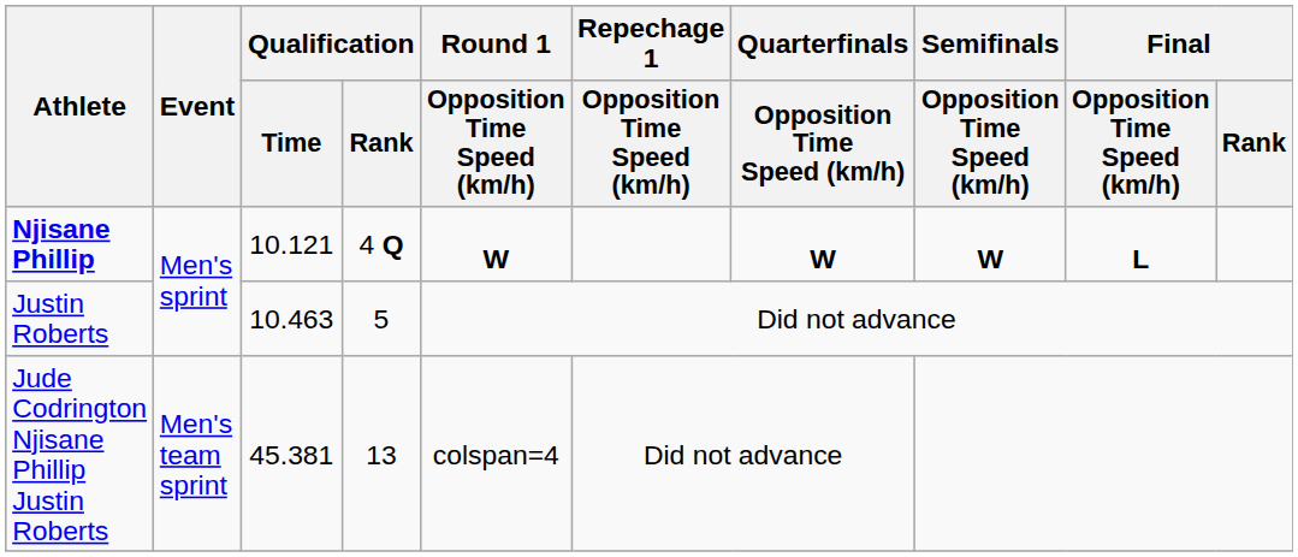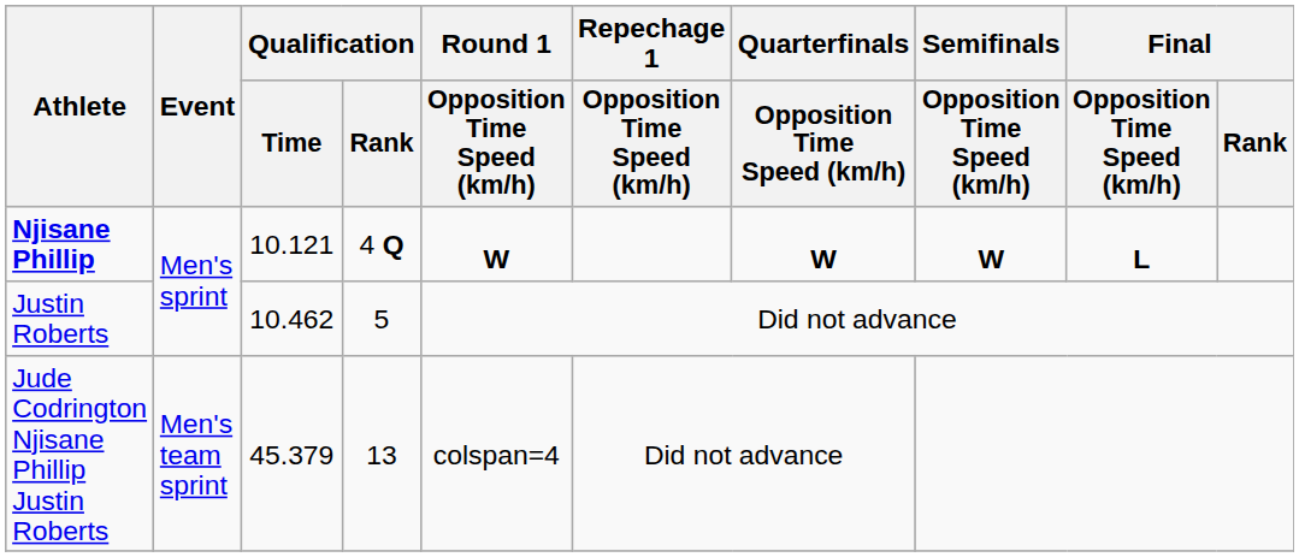 <table class="wikitable" style="font-size:90%">
 <tr>
 <th rowspan=2>Athlete</th>
 <th rowspan=2>Event</th>
 <th colspan=2>Qualification</th>
 <th>Round 1</th>
 <th>Repechage 1</th>
 <th>Quarterfinals</th>
 <th>Semifinals</th>
 <th colspan=2>Final</th>
 </tr>
 <tr style="font-size:95%">
 <th>Time</th>
 <th>Rank</th>
 <th>Opposition<br>Time<br>Speed (km/h)</th>
 <th>Opposition<br>Time<br>Speed (km/h)</th>
 <th>Opposition<br>Time<br>Speed (km/h)</th>
 <th>Opposition<br>Time<br>Speed (km/h)</th>
 <th>Opposition<br>Time<br>Speed (km/h)</th>
 <th>Rank</th>
 </tr>
 <tr align=center>
 <td align=left><strong><a href='#'>Njisane Phillip</a></strong></td>
 <td align=left rowspan="2"><a href='#'>Men's sprint</a></td>
 <td>10.121</td>
 <td>4 <strong>Q</strong></td>
 <td><br><strong>W</strong></td>
 <td></td>
 <td><br><strong>W</strong></td>
 <td><br><strong>W</strong></td>
 <td><br><strong>L</strong></td>
 <td></td>
 </tr>
 <tr align=center>
 <td align=left><a href='#'>Justin Roberts</a></td>
-<td>10.463</td>
+<td>10.462</td>
 <td>5</td>
 <td colspan=6>Did not advance</td>
 </tr>
 <tr align=center>
 <td align=left><a href='#'>Jude Codrington</a><br><a href='#'>Njisane Phillip</a><br><a href='#'>Justin Roberts</a></td>
 <td align=left><a href='#'>Men's team sprint</a></td>
-<td>45.381</td>
+<td>45.379</td>
 <td>13</td>
 <td>colspan=4 </td>
 <td colspan=2>Did not advance</td>
 </tr>
 </table>
